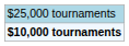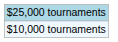 <table class="wikitable" style="font-size:95%;">
 <tr style="background:lightblue;">
 <td>$25,000 tournaments</td>
 </tr>
 <tr style="background:#f0f8ff;">
-<td><strong>$10,000 tournaments</strong></td>
+<td>$10,000 tournaments</td>
 </tr>
 </table>
